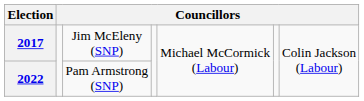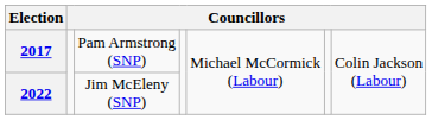 <table class="wikitable" style="text-align:center">
 <tr>
 <th>Election</th>
 <th colspan=8>Councillors</th>
 </tr>
 <tr>
 <th><a href='#'>2017</a></th>
 <td rowspan=2; style="background-color: "></td>
-<td rowspan=1>Jim McEleny<br>(<a href='#'>SNP</a>)</td>
+<td rowspan=1>Pam Armstrong<br>(<a href='#'>SNP</a>)</td>
 <td rowspan=2; style="background-color: "></td>
 <td rowspan=2>Michael McCormick<br>(<a href='#'>Labour</a>)</td>
 <td rowspan=2; style="background-color: "></td>
 <td rowspan=2>Colin Jackson<br>(<a href='#'>Labour</a>)</td>
 </tr>
 <tr>
 <th><a href='#'>2022</a></th>
-<td rowspan=1>Pam Armstrong<br>(<a href='#'>SNP</a>)</td>
+<td rowspan=1>Jim McEleny<br>(<a href='#'>SNP</a>)</td>
 </tr>
 </table>
